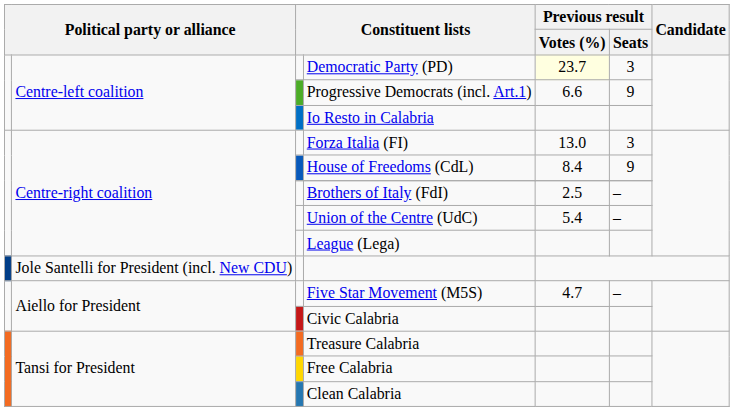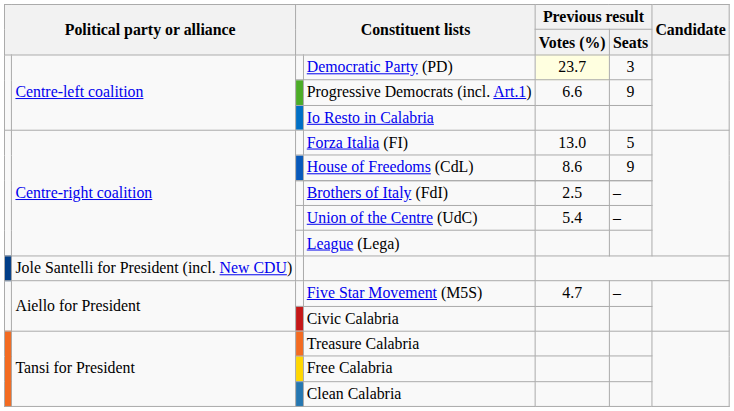 <table class="wikitable" style="text-align:left">
 <tr>
 <th colspan=2 rowspan="2">Political party or alliance</th>
 <th colspan=2 rowspan="2">Constituent lists</th>
 <th colspan="2">Previous result</th>
 <th colspan="2" rowspan="2">Candidate</th>
 </tr>
 <tr>
 <th>Votes (%)</th>
 <th>Seats</th>
 </tr>
 <tr>
 <td rowspan="3"></td>
 <td rowspan="3"><a href='#'>Centre-left coalition</a></td>
 <td></td>
 <td style="text-align:left;"><a href='#'>Democratic Party</a> (PD)</td>
 <td align=center style="background: lightyellow;">23.7</td>
 <td align=center>3</td>
 <td rowspan="3"></td>
 </tr>
 <tr>
 <td bgcolor="#4CAC27"></td>
 <td>Progressive Democrats (incl. <a href='#'>Art.1</a>)</td>
 <td align=center>6.6</td>
 <td align=center>9</td>
 </tr>
 <tr>
 <td bgcolor=#006FC4></td>
 <td style="text-align:left;"><a href='#'>Io Resto in Calabria</a></td>
 <td></td>
 <td></td>
 </tr>
 <tr>
 <td rowspan="6" style="background:"></td>
 <td rowspan=6><a href='#'>Centre-right coalition</a></td>
 <td></td>
 <td style="text-align:left;"><a href='#'>Forza Italia</a> (FI)</td>
 <td align=center>13.0</td>
-<td align=center>3</td>
+<td align=center>5</td>
 <td rowspan="6"></td>
 </tr>
 <tr>
 <td bgcolor="#0859BA"></td>
 <td style="text-align:left;"><a href='#'>House of Freedoms</a> (CdL)</td>
-<td align=center>8.4</td>
+<td align=center>8.6</td>
 <td align=center>9</td>
 </tr>
 <tr>
 </tr>
 <tr>
 <td></td>
 <td style="text-align:left;"><a href='#'>Brothers of Italy</a> (FdI)</td>
 <td align=center>2.5</td>
 <td>–</td>
 </tr>
 <tr>
 <td></td>
 <td style="text-align:left;"><a href='#'>Union of the Centre</a> (UdC)</td>
 <td align=center>5.4</td>
 <td>–</td>
 </tr>
 <tr>
 <td></td>
 <td style="text-align:left;"><a href='#'>League</a> (Lega)</td>
 <td></td>
 <td></td>
 </tr>
 <tr>
 <td bgcolor="#003D87"></td>
 <td style="text-align:left;">Jole Santelli for President (incl. <a href='#'>New CDU</a>)</td>
 <td></td>
 <td></td>
 </tr>
 <tr>
 <td rowspan="2" style="background-color:"></td>
 <td rowspan="2">Aiello for President</td>
 <td style="background-color:"></td>
 <td style="text-align:left;"><a href='#'>Five Star Movement</a> (M5S)</td>
 <td align=center>4.7</td>
 <td>–</td>
 <td rowspan="2"></td>
 </tr>
 <tr>
 <td style="background-color:#c51717"></td>
 <td>Civic Calabria</td>
 <td></td>
 <td></td>
 </tr>
 <tr>
 <td rowspan="3" style="background-color:#F36B21"></td>
 <td rowspan="3">Tansi for President</td>
 <td style="background-color:#F36B21"></td>
 <td style="text-align:left;">Treasure Calabria</td>
 <td></td>
 <td></td>
 <td rowspan="3"></td>
 </tr>
 <tr>
 <td style="background-color:gold"></td>
 <td style="text-align:left;">Free Calabria</td>
 <td></td>
 <td></td>
 </tr>
 <tr>
 <td style="background-color:#2677b1"></td>
 <td style="text-align:left;">Clean Calabria</td>
 <td></td>
 <td></td>
 </tr>
 </table>
